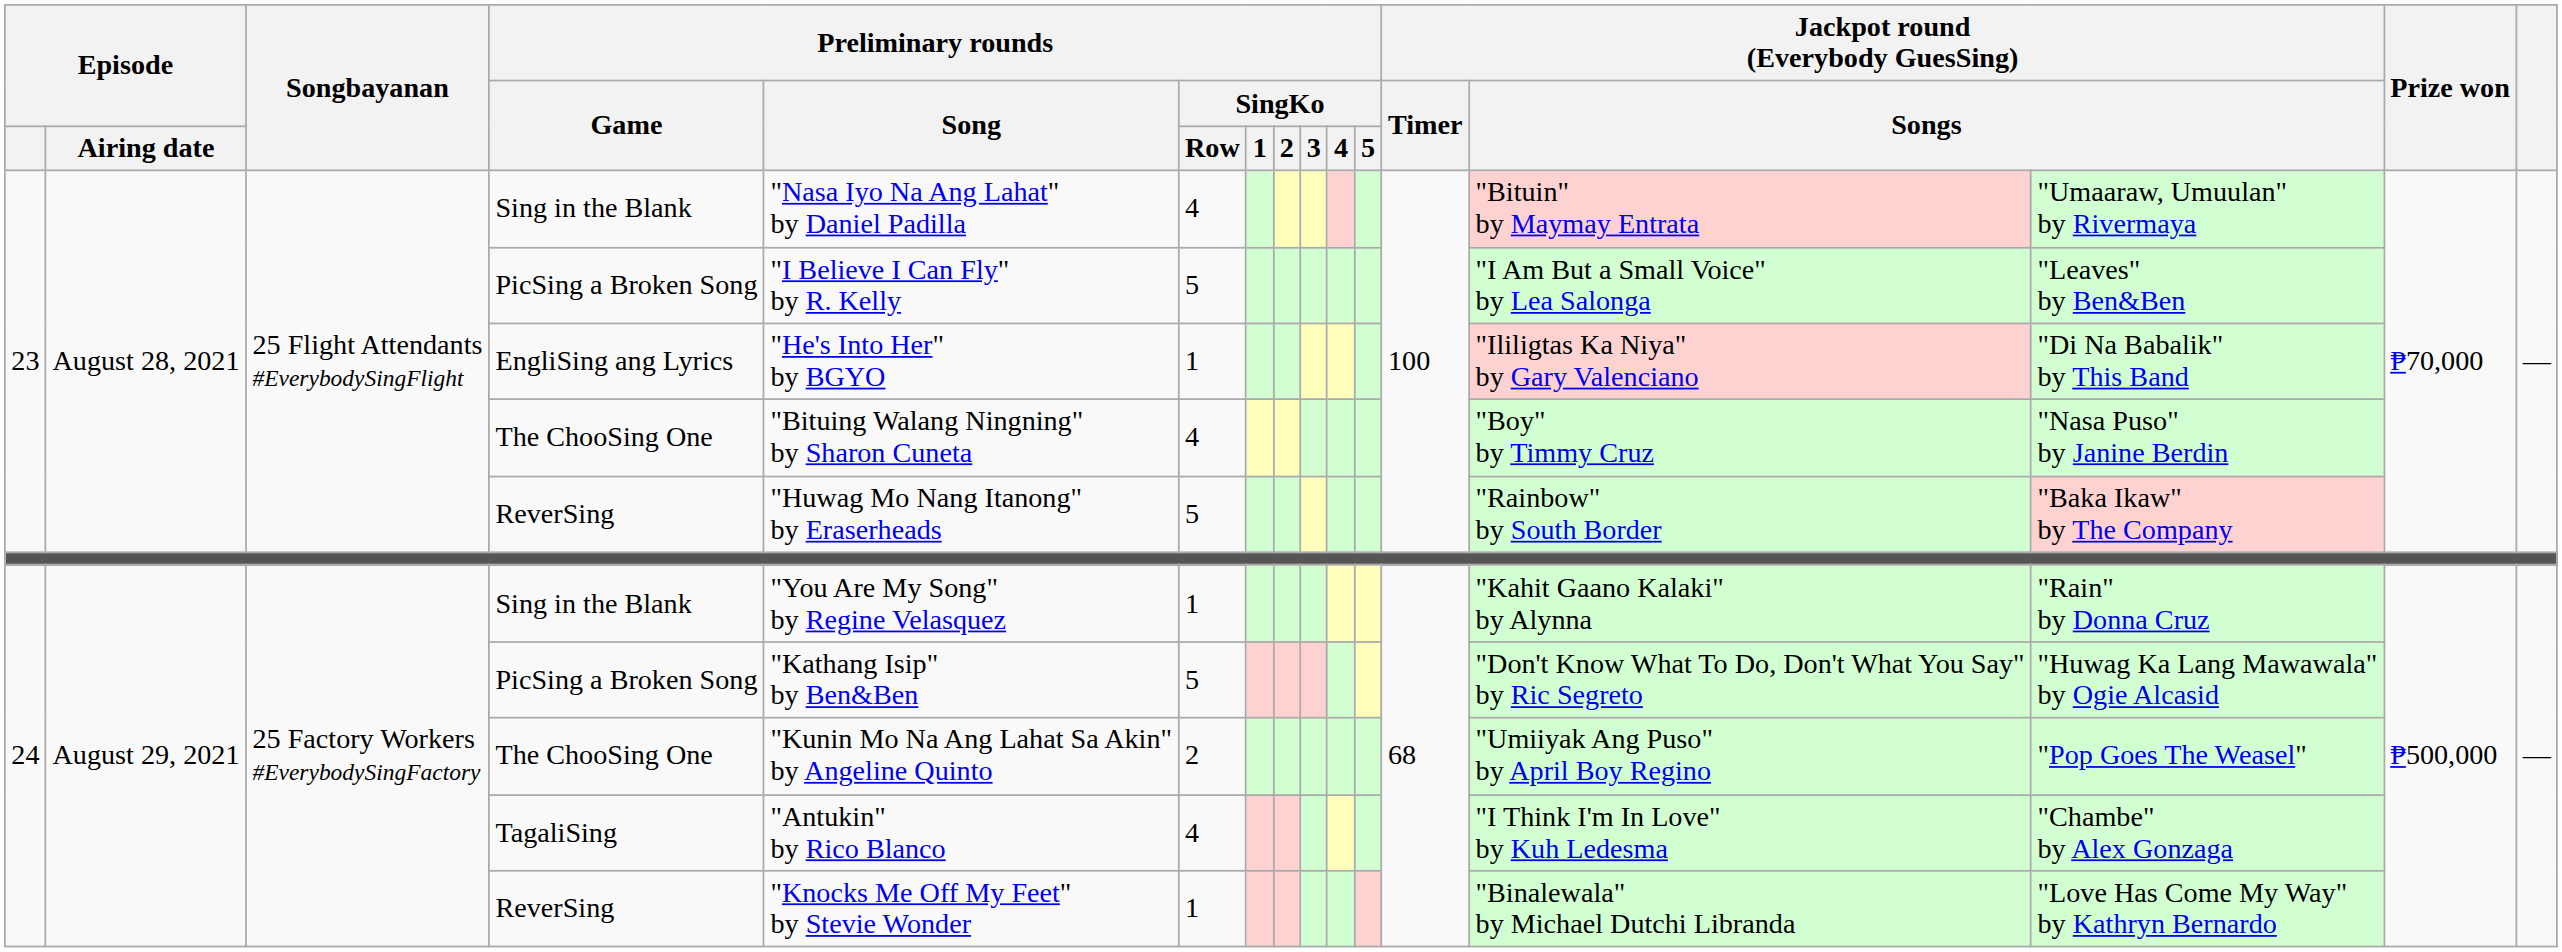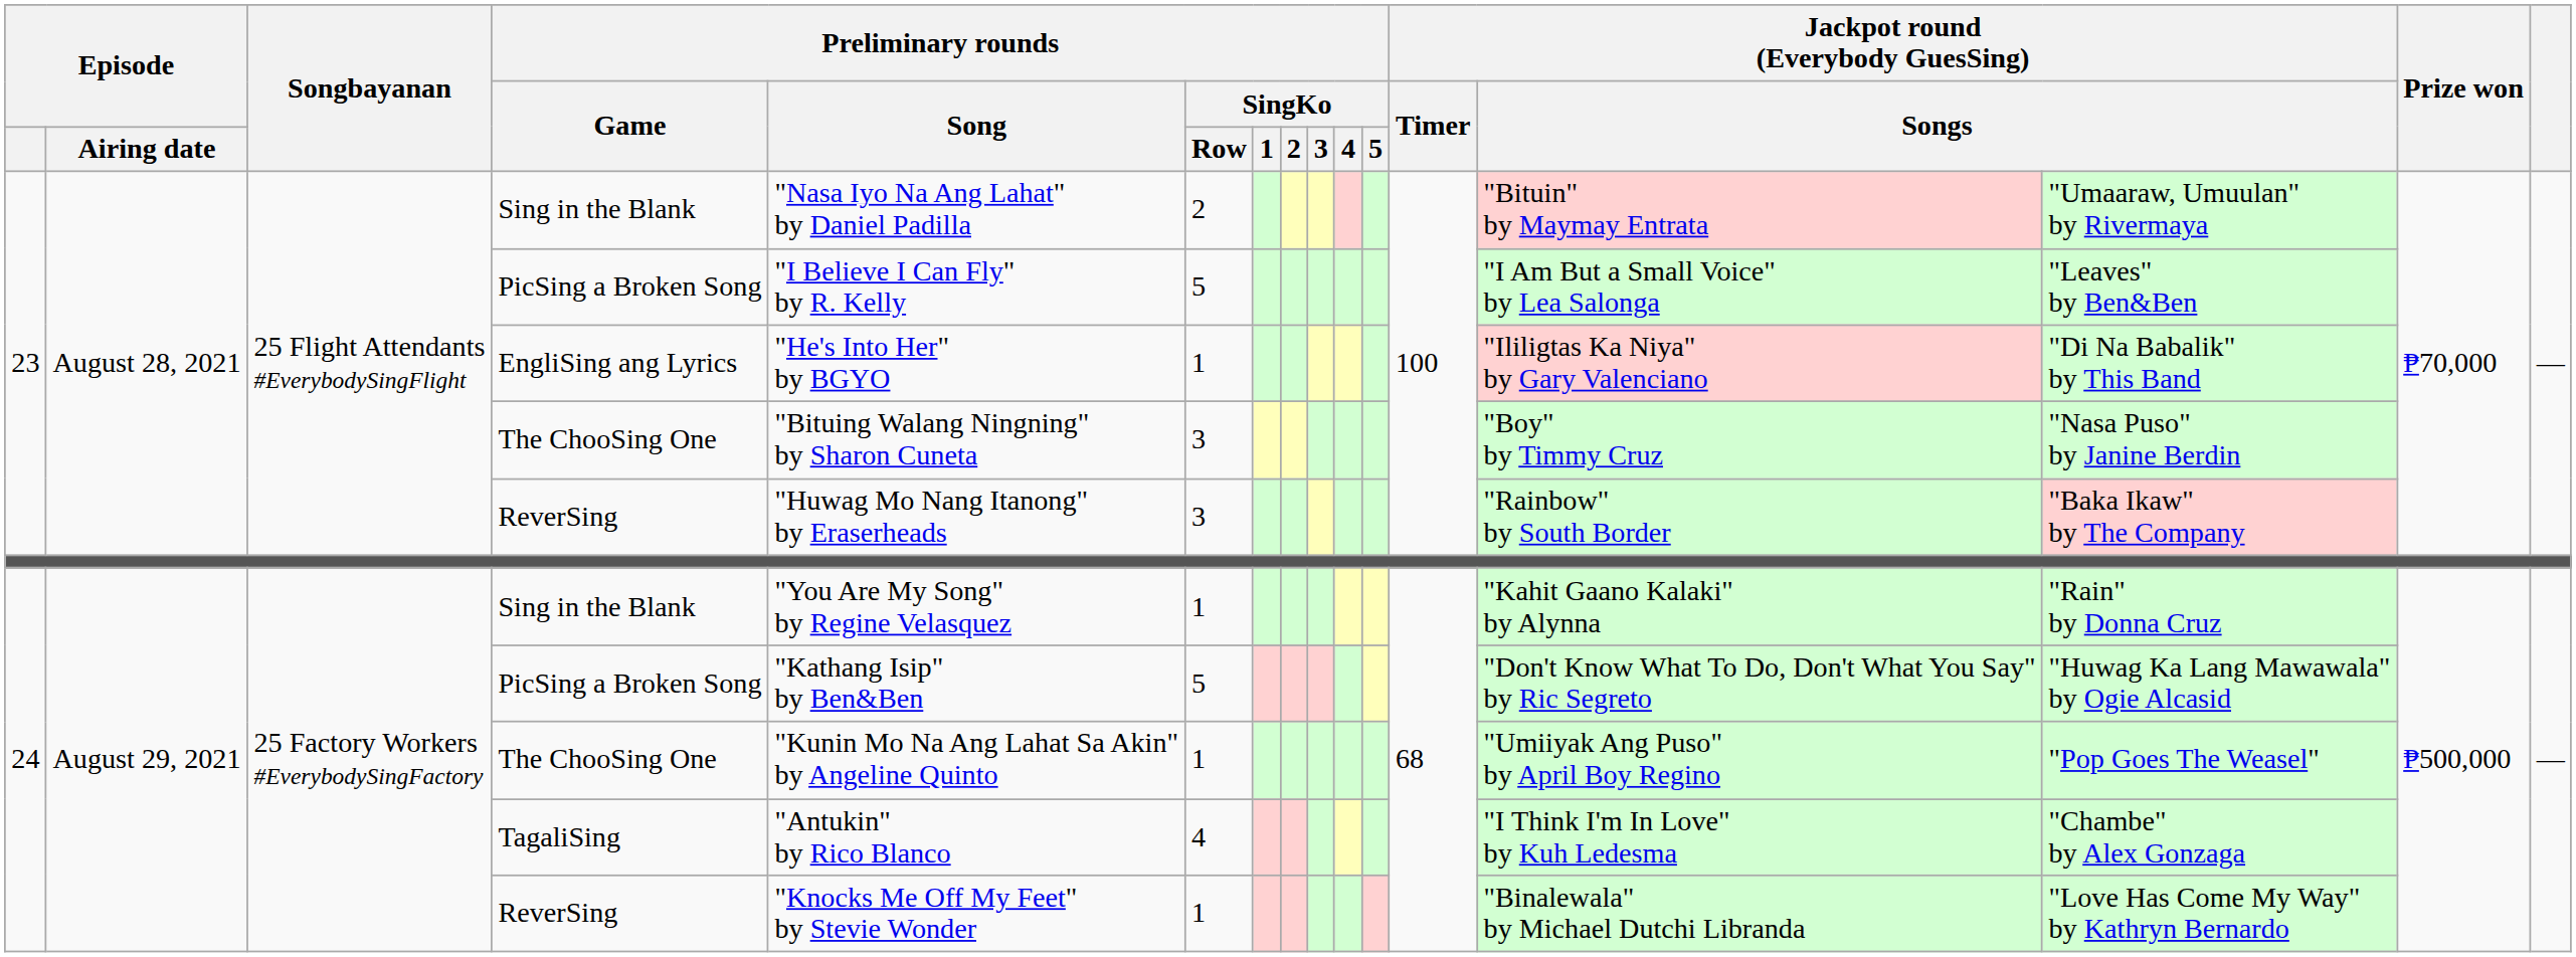 <table class="wikitable plainrowheaders mw-collapsible ">
 <tr>
 <th colspan="2" rowspan="2">Episode</th>
 <th rowspan="3">Songbayanan</th>
 <th colspan="8">Preliminary rounds</th>
 <th colspan="3">Jackpot round<br>(Everybody GuesSing)</th>
 <th rowspan="3">Prize won</th>
 <th rowspan="3"></th>
 </tr>
 <tr>
 <th rowspan="2">Game</th>
 <th rowspan="2">Song</th>
 <th colspan="6">SingKo</th>
 <th rowspan="2">Timer</th>
 <th colspan="2" rowspan="2">Songs</th>
 </tr>
 <tr>
 <th></th>
 <th>Airing date</th>
 <th>Row</th>
 <th>1</th>
 <th>2</th>
 <th>3</th>
 <th>4</th>
 <th>5</th>
 </tr>
 <tr>
 <td rowspan="5">23</td>
 <td rowspan="5">August 28, 2021</td>
 <td rowspan="5">25 Flight Attendants<br><small><em>#EverybodySingFlight</em></small></td>
 <td>Sing in the Blank</td>
 <td>"<a href='#'>Nasa Iyo Na Ang Lahat</a>"<br>by <a href='#'>Daniel Padilla</a></td>
-<td>4</td>
+<td>2</td>
 <td style="background:#D2FFD2"></td>
 <td style="background:#FFB"></td>
 <td style="background:#FFB"></td>
 <td style="background:#FFD2D2"></td>
 <td style="background:#D2FFD2"></td>
 <td rowspan="5">100 </td>
 <td style="background:#FFD2D2">"Bituin"<br>by <a href='#'>Maymay Entrata</a></td>
 <td style="background:#D2FFD2">"Umaaraw, Umuulan"<br>by <a href='#'>Rivermaya</a></td>
 <td rowspan="5"><a href='#'>₱</a>70,000</td>
 <td rowspan="5">—</td>
 </tr>
 <tr>
 <td>PicSing a Broken Song</td>
 <td>"<a href='#'>I Believe I Can Fly</a>"<br>by <a href='#'>R. Kelly</a></td>
 <td>5</td>
 <td style="background:#D2FFD2"></td>
 <td style="background:#D2FFD2"></td>
 <td style="background:#D2FFD2"></td>
 <td style="background:#D2FFD2"></td>
 <td style="background:#D2FFD2"></td>
 <td style="background:#D2FFD2">"I Am But a Small Voice"<br>by <a href='#'>Lea Salonga</a></td>
 <td style="background:#D2FFD2">"Leaves"<br>by <a href='#'>Ben&Ben</a></td>
 </tr>
 <tr>
 <td>EngliSing ang Lyrics</td>
 <td>"<a href='#'>He's Into Her</a>"<br>by <a href='#'>BGYO</a></td>
 <td>1</td>
 <td style="background:#D2FFD2"></td>
 <td style="background:#D2FFD2"></td>
 <td style="background:#FFB"></td>
 <td style="background:#FFB"></td>
 <td style="background:#D2FFD2"></td>
 <td style="background:#FFD2D2">"Ililigtas Ka Niya"<br>by <a href='#'>Gary Valenciano</a></td>
 <td style="background:#D2FFD2">"Di Na Babalik"<br>by <a href='#'>This Band</a></td>
 </tr>
 <tr>
 <td>The ChooSing One</td>
 <td>"Bituing Walang Ningning"<br>by <a href='#'>Sharon Cuneta</a></td>
-<td>4</td>
+<td>3</td>
 <td style="background:#FFB"></td>
 <td style="background:#FFB"></td>
 <td style="background:#D2FFD2"></td>
 <td style="background:#D2FFD2"></td>
 <td style="background:#D2FFD2"></td>
 <td style="background:#D2FFD2">"Boy"<br>by <a href='#'>Timmy Cruz</a></td>
 <td style="background:#D2FFD2">"Nasa Puso"<br>by <a href='#'>Janine Berdin</a></td>
 </tr>
 <tr>
 <td>ReverSing</td>
 <td>"Huwag Mo Nang Itanong"<br>by <a href='#'>Eraserheads</a></td>
-<td>5</td>
+<td>3</td>
 <td style="background:#D2FFD2"></td>
 <td style="background:#D2FFD2"></td>
 <td style="background:#FFB"></td>
 <td style="background:#D2FFD2"></td>
 <td style="background:#D2FFD2"></td>
 <td style="background:#D2FFD2">"Rainbow"<br>by <a href='#'>South Border</a></td>
 <td style="background:#FFD2D2">"Baka Ikaw"<br>by <a href='#'>The Company</a></td>
 </tr>
 <tr>
 <th colspan="16" style="background:#555"></th>
 </tr>
 <tr>
 <td rowspan="5">24</td>
 <td rowspan="5">August 29, 2021</td>
 <td rowspan="5">25 Factory Workers<br><small><em>#EverybodySingFactory</em></small></td>
 <td>Sing in the Blank</td>
 <td>"You Are My Song"<br>by <a href='#'>Regine Velasquez</a></td>
 <td>1</td>
 <td style="background:#D2FFD2"></td>
 <td style="background:#D2FFD2"></td>
 <td style="background:#D2FFD2"></td>
 <td style="background:#FFB"></td>
 <td style="background:#FFB"></td>
 <td rowspan="5">68 </td>
 <td style="background:#D2FFD2">"Kahit Gaano Kalaki"<br>by Alynna</td>
 <td style="background:#D2FFD2">"Rain"<br>by <a href='#'>Donna Cruz</a></td>
 <td rowspan="5"><a href='#'>₱</a>500,000</td>
 <td rowspan="5">—</td>
 </tr>
 <tr>
 <td>PicSing a Broken Song</td>
 <td>"Kathang Isip"<br>by <a href='#'>Ben&Ben</a></td>
 <td>5</td>
 <td style="background:#FFD2D2"></td>
 <td style="background:#FFD2D2"></td>
 <td style="background:#FFD2D2"></td>
 <td style="background:#D2FFD2"></td>
 <td style="background:#FFB"></td>
 <td style="background:#D2FFD2">"Don't Know What To Do, Don't What You Say"<br>by <a href='#'>Ric Segreto</a></td>
 <td style="background:#D2FFD2">"Huwag Ka Lang Mawawala"<br>by <a href='#'>Ogie Alcasid</a></td>
 </tr>
 <tr>
 <td>The ChooSing One</td>
 <td>"Kunin Mo Na Ang Lahat Sa Akin"<br>by <a href='#'>Angeline Quinto</a></td>
-<td>2</td>
+<td>1</td>
 <td style="background:#D2FFD2"></td>
 <td style="background:#D2FFD2"></td>
 <td style="background:#D2FFD2"></td>
 <td style="background:#D2FFD2"></td>
 <td style="background:#D2FFD2"></td>
 <td style="background:#D2FFD2">"Umiiyak Ang Puso"<br>by <a href='#'>April Boy Regino</a></td>
 <td style="background:#D2FFD2">"<a href='#'>Pop Goes The Weasel</a>"</td>
 </tr>
 <tr>
 <td>TagaliSing</td>
 <td>"Antukin"<br>by <a href='#'>Rico Blanco</a></td>
 <td>4</td>
 <td style="background:#FFD2D2"></td>
 <td style="background:#FFD2D2"></td>
 <td style="background:#D2FFD2"></td>
 <td style="background:#FFB"></td>
 <td style="background:#D2FFD2"></td>
 <td style="background:#D2FFD2">"I Think I'm In Love"<br>by <a href='#'>Kuh Ledesma</a></td>
 <td style="background:#D2FFD2">"Chambe"<br>by <a href='#'>Alex Gonzaga</a></td>
 </tr>
 <tr>
 <td>ReverSing</td>
 <td>"<a href='#'>Knocks Me Off My Feet</a>"<br>by <a href='#'>Stevie Wonder</a></td>
 <td>1</td>
 <td style="background:#FFD2D2"></td>
 <td style="background:#FFD2D2"></td>
 <td style="background:#D2FFD2"></td>
 <td style="background:#D2FFD2"></td>
 <td style="background:#FFD2D2"></td>
 <td style="background:#D2FFD2">"Binalewala"<br>by Michael Dutchi Libranda</td>
 <td style="background:#D2FFD2">"Love Has Come My Way"<br>by <a href='#'>Kathryn Bernardo</a></td>
 </tr>
 </table>
